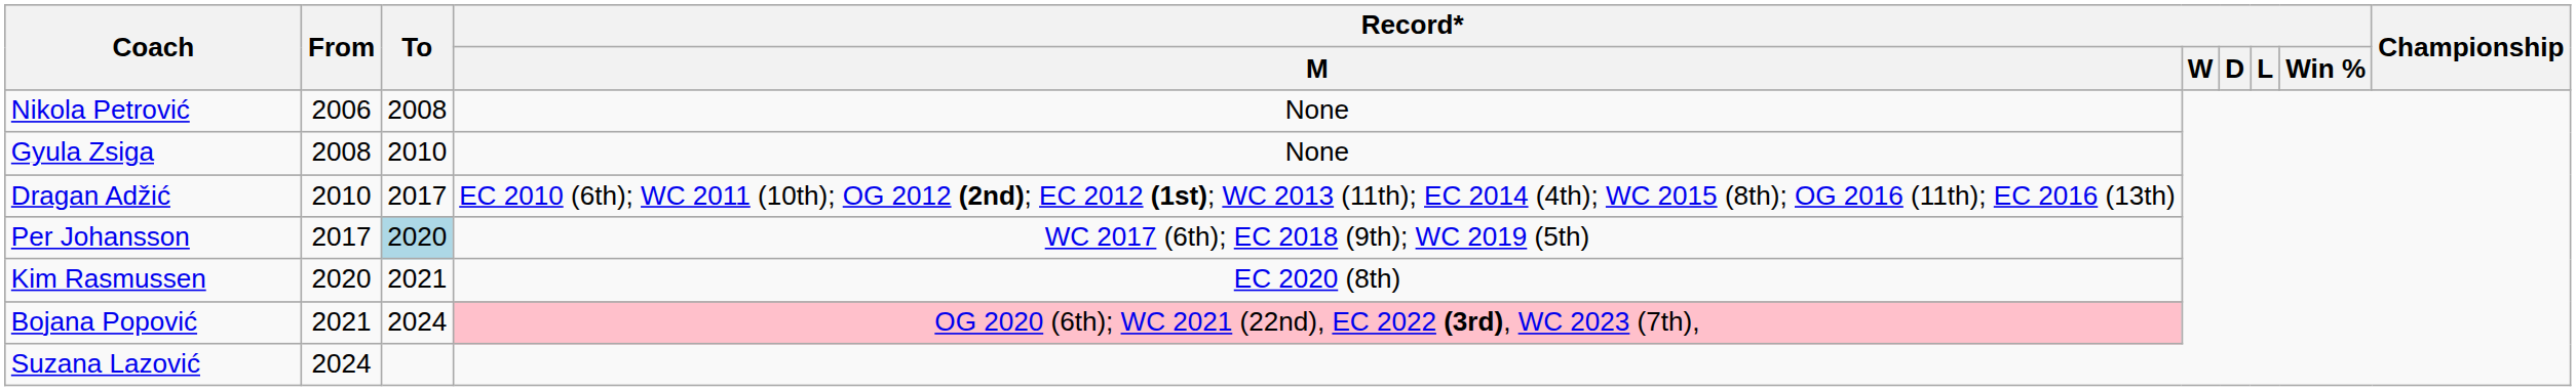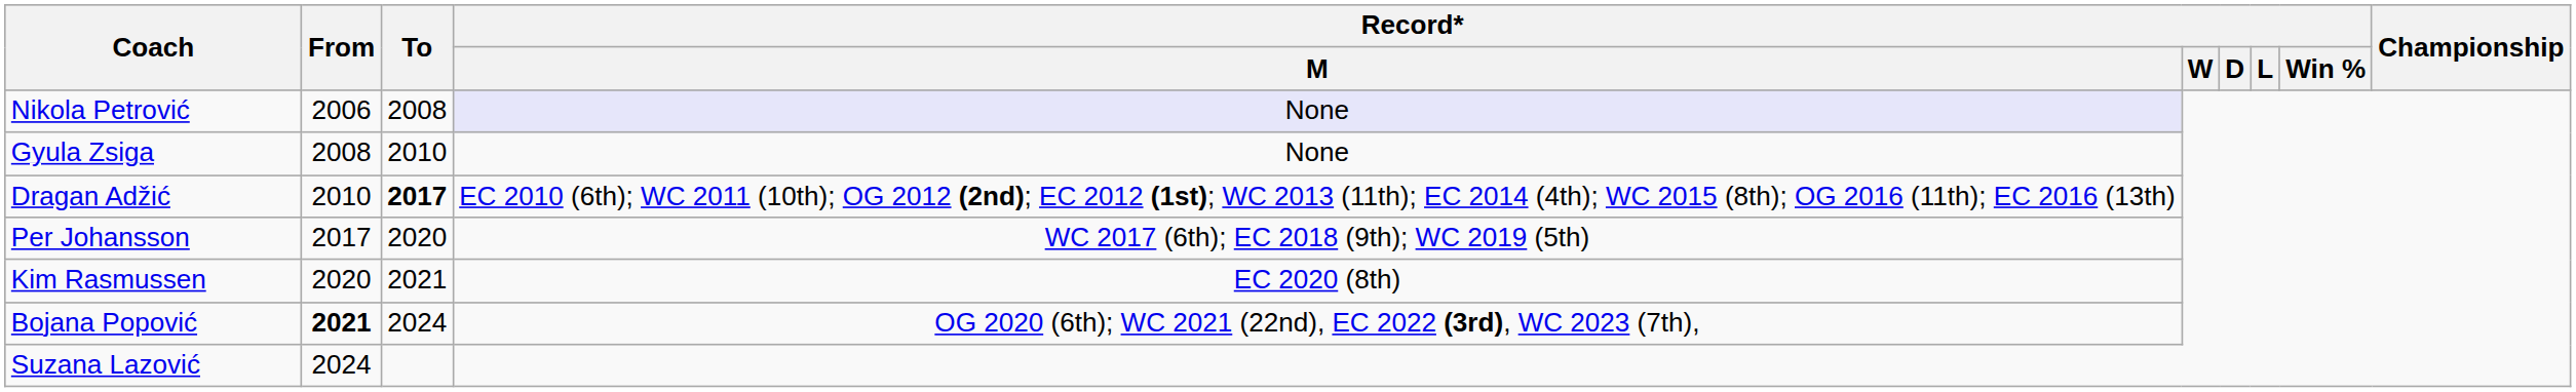 <table class="wikitable" style="text-align: center">
 <tr>
 <th rowspan="2" width="170">Coach</th>
 <th rowspan="2">From</th>
 <th rowspan="2">To</th>
 <th colspan="5">Record*</th>
 <th rowspan="2">Championship</th>
 </tr>
 <tr>
 <th>M</th>
 <th>W</th>
 <th>D</th>
 <th>L</th>
 <th>Win %</th>
 </tr>
 <tr>
 <td align=left> <a href='#'>Nikola Petrović</a></td>
 <td align=center>2006</td>
 <td align=center>2008<br></td>
-<td>None</td>
+<td style="background: lavender;">None</td>
 </tr>
 <tr>
 <td align=left> <a href='#'>Gyula Zsiga</a></td>
 <td align=center>2008</td>
 <td align=center>2010<br></td>
 <td>None</td>
 </tr>
 <tr>
 <td align=left> <a href='#'>Dragan Adžić</a></td>
 <td align=center>2010</td>
-<td align=center>2017<br></td>
+<td align=center><strong>2017<br></strong></td>
 <td><a href='#'>EC 2010</a> (6th); <a href='#'>WC 2011</a> (10th); <a href='#'>OG 2012</a> <strong>(2nd)</strong>; <a href='#'>EC 2012</a> <strong>(1st)</strong>; <a href='#'>WC 2013</a> (11th); <a href='#'>EC 2014</a> (4th); <a href='#'>WC 2015</a> (8th); <a href='#'>OG 2016</a> (11th); <a href='#'>EC 2016</a> (13th)</td>
 </tr>
 <tr>
 <td align=left> <a href='#'>Per Johansson</a></td>
 <td align="center">2017</td>
-<td align=center style="background: lightblue;">2020<br></td>
+<td align=center>2020<br></td>
 <td><a href='#'>WC 2017</a> (6th); <a href='#'>EC 2018</a> (9th); <a href='#'>WC 2019</a> (5th)</td>
 </tr>
 <tr>
 <td align=left> <a href='#'>Kim Rasmussen</a></td>
 <td align="center">2020</td>
 <td align=center>2021<br></td>
 <td><a href='#'>EC 2020</a> (8th)</td>
 </tr>
 <tr>
 <td align=left> <a href='#'>Bojana Popović</a></td>
-<td align="center">2021</td>
+<td align="center"><strong>2021</strong></td>
 <td>2024<br></td>
-<td style="background: pink;"><a href='#'>OG 2020</a> (6th); <a href='#'>WC 2021</a> (22nd), <a href='#'>EC 2022</a> <strong>(3rd)</strong>, <a href='#'>WC 2023</a> (7th),</td>
+<td><a href='#'>OG 2020</a> (6th); <a href='#'>WC 2021</a> (22nd), <a href='#'>EC 2022</a> <strong>(3rd)</strong>, <a href='#'>WC 2023</a> (7th),</td>
 </tr>
 <tr>
 <td align=left> <a href='#'>Suzana Lazović</a></td>
 <td align="center">2024</td>
 <td></td>
 </tr>
 </table>
